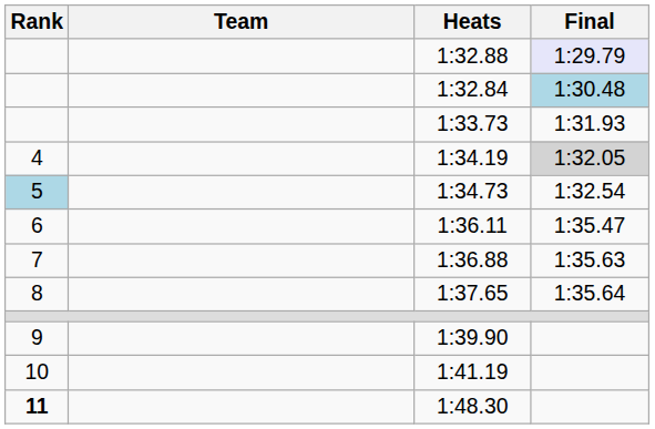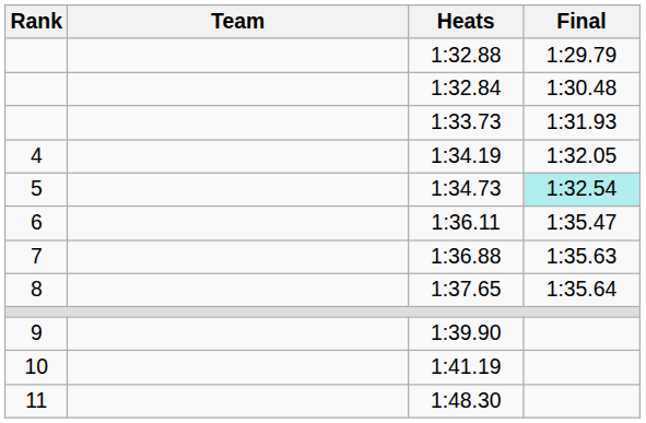 <table class=wikitable style="text-align:center">
 <tr>
 <th width=40>Rank</th>
 <th width=250>Team</th>
 <th width=80>Heats</th>
 <th width=80>Final</th>
 </tr>
 <tr>
 <td></td>
 <td align=left></td>
 <td>1:32.88</td>
-<td style="background: lavender;">1:29.79</td>
+<td>1:29.79</td>
 </tr>
 <tr>
 <td></td>
 <td align=left></td>
 <td>1:32.84</td>
-<td style="background: lightblue;">1:30.48</td>
+<td>1:30.48</td>
 </tr>
 <tr>
 <td></td>
 <td align=left></td>
 <td>1:33.73</td>
 <td>1:31.93</td>
 </tr>
 <tr>
 <td>4</td>
 <td align=left></td>
 <td>1:34.19</td>
-<td style="background: lightgrey;">1:32.05</td>
+<td>1:32.05</td>
 </tr>
 <tr>
-<td style="background: lightblue;">5</td>
+<td>5</td>
 <td align=left></td>
 <td>1:34.73</td>
-<td>1:32.54</td>
+<td style="background: paleturquoise;">1:32.54</td>
 </tr>
 <tr>
 <td>6</td>
 <td align=left></td>
 <td>1:36.11</td>
 <td>1:35.47</td>
 </tr>
 <tr>
 <td>7</td>
 <td align=left></td>
 <td>1:36.88</td>
 <td>1:35.63</td>
 </tr>
 <tr>
 <td>8</td>
 <td align=left></td>
 <td>1:37.65</td>
 <td>1:35.64</td>
 </tr>
 <tr bgcolor=#DDDDDD>
 <td colspan=4></td>
 </tr>
 <tr>
 <td>9</td>
 <td align=left></td>
 <td>1:39.90</td>
 <td></td>
 </tr>
 <tr>
 <td>10</td>
 <td align=left></td>
 <td>1:41.19</td>
 <td></td>
 </tr>
 <tr>
-<td><strong>11</strong></td>
+<td>11</td>
 <td align=left></td>
 <td>1:48.30</td>
 <td></td>
 </tr>
 </table>
